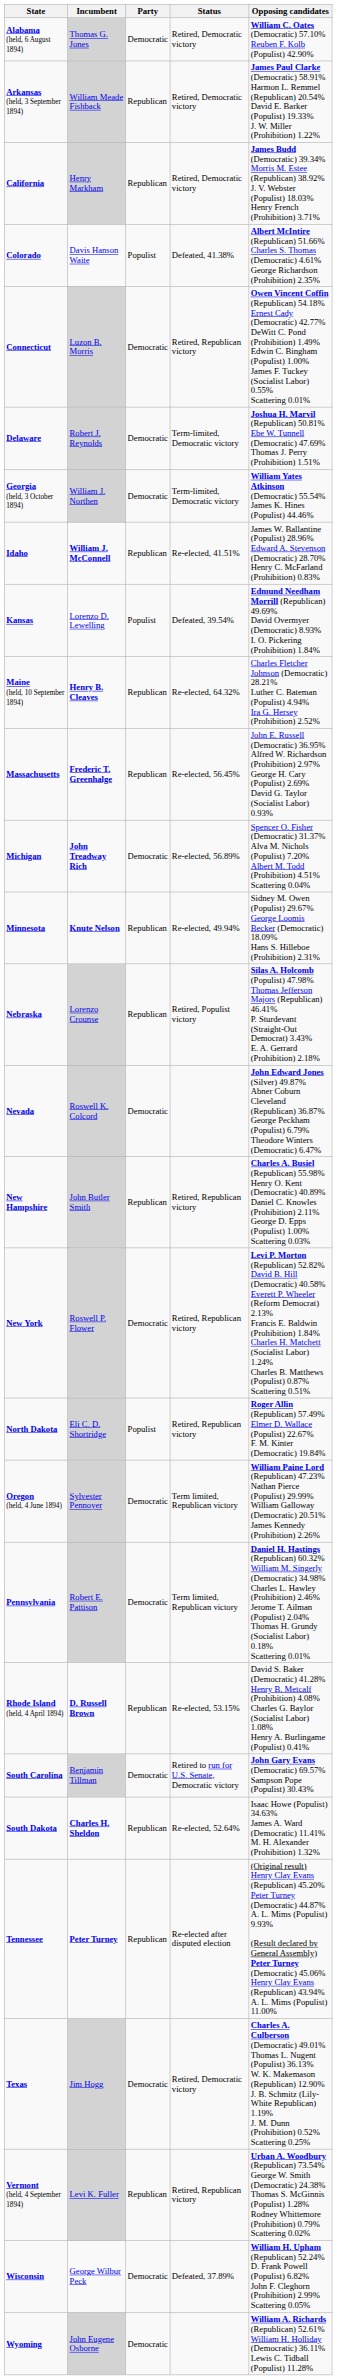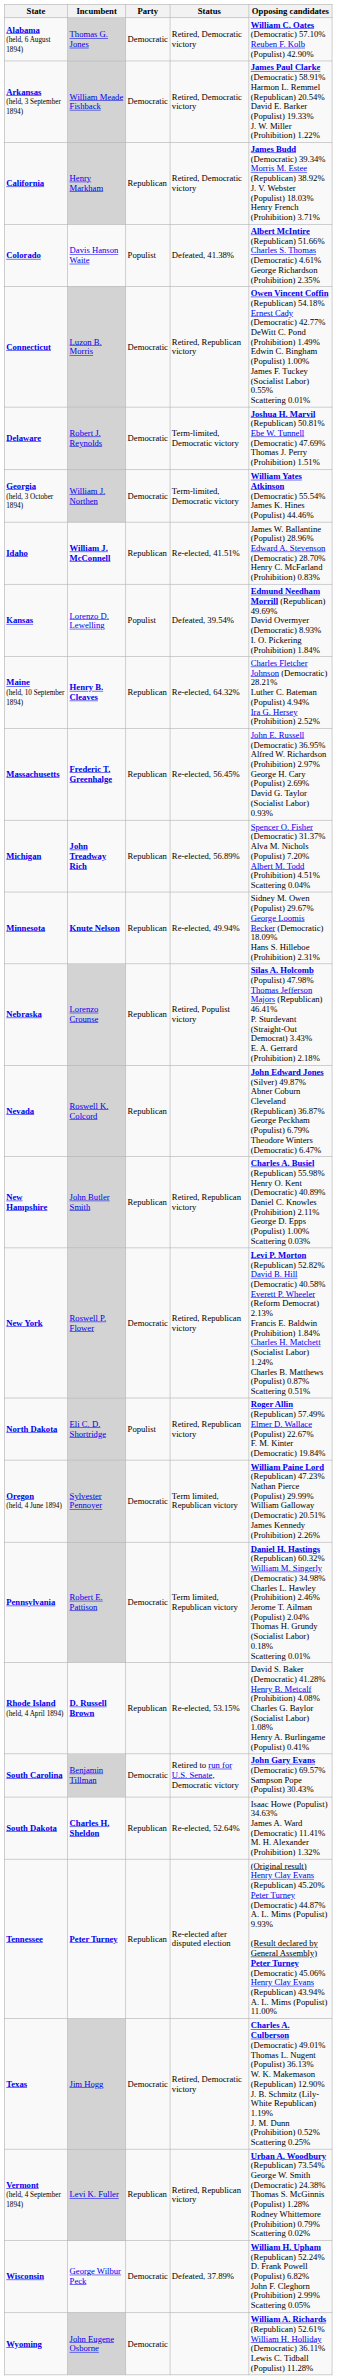 <table class="wikitable">
 <tr>
 <th>State</th>
 <th>Incumbent</th>
 <th>Party</th>
 <th>Status</th>
 <th>Opposing candidates</th>
 </tr>
 <tr>
 <td><strong><a href='#'>Alabama</a></strong><br><small>(held, 6 August 1894)</small></td>
 <td bgcolor="lightgrey"><a href='#'>Thomas G. Jones</a></td>
 <td>Democratic</td>
 <td>Retired, Democratic victory</td>
 <td><strong><a href='#'>William C. Oates</a></strong> (Democratic) 57.10%<br><a href='#'>Reuben F. Kolb</a> (Populist) 42.90%<br></td>
 </tr>
 <tr>
 <td><strong><a href='#'>Arkansas</a></strong><br><small>(held, 3 September 1894)</small></td>
 <td bgcolor="lightgrey"><a href='#'>William Meade Fishback</a></td>
-<td>Republican</td>
+<td>Democratic</td>
 <td>Retired, Democratic victory</td>
 <td><strong><a href='#'>James Paul Clarke</a></strong> (Democratic) 58.91%<br>Harmon L. Remmel (Republican) 20.54%<br>David E. Barker (Populist) 19.33%<br>J. W. Miller (Prohibition) 1.22%<br></td>
 </tr>
 <tr>
 <td><strong><a href='#'>California</a></strong></td>
 <td bgcolor="lightgrey"><a href='#'>Henry Markham</a></td>
 <td>Republican</td>
 <td>Retired, Democratic victory</td>
 <td><strong><a href='#'>James Budd</a></strong> (Democratic) 39.34%<br><a href='#'>Morris M. Estee</a> (Republican) 38.92%<br>J. V. Webster (Populist) 18.03%<br>Henry French (Prohibition) 3.71%<br></td>
 </tr>
 <tr>
 <td><strong><a href='#'>Colorado</a></strong></td>
 <td><a href='#'>Davis Hanson Waite</a></td>
 <td>Populist</td>
 <td>Defeated, 41.38%</td>
 <td><strong><a href='#'>Albert McIntire</a></strong> (Republican) 51.66%<br><a href='#'>Charles S. Thomas</a> (Democratic) 4.61%<br>George Richardson (Prohibition) 2.35%<br></td>
 </tr>
 <tr>
 <td><strong><a href='#'>Connecticut</a></strong></td>
 <td bgcolor="lightgrey"><a href='#'>Luzon B. Morris</a></td>
 <td>Democratic</td>
 <td>Retired, Republican victory</td>
 <td><strong><a href='#'>Owen Vincent Coffin</a></strong> (Republican) 54.18%<br><a href='#'>Ernest Cady</a> (Democratic) 42.77%<br>DeWitt C. Pond (Prohibition) 1.49%<br>Edwin C. Bingham (Populist) 1.00%<br>James F. Tuckey (Socialist Labor) 0.55%<br>Scattering 0.01%<br></td>
 </tr>
 <tr>
 <td><strong><a href='#'>Delaware</a></strong></td>
 <td bgcolor="lightgrey"><a href='#'>Robert J. Reynolds</a></td>
 <td>Democratic</td>
 <td>Term-limited, Democratic victory</td>
 <td><strong><a href='#'>Joshua H. Marvil</a></strong> (Republican) 50.81%<br><a href='#'>Ebe W. Tunnell</a> (Democratic) 47.69%<br>Thomas J. Perry (Prohibition) 1.51%<br></td>
 </tr>
 <tr>
 <td><strong><a href='#'>Georgia</a></strong><br><small>(held, 3 October 1894)</small></td>
 <td bgcolor="lightgrey"><a href='#'>William J. Northen</a></td>
 <td>Democratic</td>
 <td>Term-limited, Democratic victory</td>
 <td><strong><a href='#'>William Yates Atkinson</a></strong> (Democratic) 55.54%<br>James K. Hines (Populist) 44.46%<br></td>
 </tr>
 <tr>
 <td><strong><a href='#'>Idaho</a></strong></td>
 <td><strong><a href='#'>William J. McConnell</a></strong></td>
 <td>Republican</td>
 <td>Re-elected, 41.51%</td>
 <td>James W. Ballantine (Populist) 28.96%<br><a href='#'>Edward A. Stevenson</a> (Democratic) 28.70%<br>Henry C. McFarland (Prohibition) 0.83%<br></td>
 </tr>
 <tr>
 <td><strong><a href='#'>Kansas</a></strong></td>
 <td><a href='#'>Lorenzo D. Lewelling</a></td>
 <td>Populist</td>
 <td>Defeated, 39.54%</td>
 <td><strong><a href='#'>Edmund Needham Morrill</a></strong> (Republican) 49.69%<br>David Overmyer (Democratic) 8.93%<br>I. O. Pickering (Prohibition) 1.84%<br></td>
 </tr>
 <tr>
 <td><strong><a href='#'>Maine</a></strong><br><small>(held, 10 September 1894)</small></td>
 <td><strong><a href='#'>Henry B. Cleaves</a></strong></td>
 <td>Republican</td>
 <td>Re-elected, 64.32%</td>
 <td><a href='#'>Charles Fletcher Johnson</a> (Democratic) 28.21%<br>Luther C. Bateman (Populist) 4.94%<br><a href='#'>Ira G. Hersey</a> (Prohibition) 2.52%<br></td>
 </tr>
 <tr>
 <td><strong><a href='#'>Massachusetts</a></strong></td>
 <td><strong><a href='#'>Frederic T. Greenhalge</a></strong></td>
 <td>Republican</td>
 <td>Re-elected, 56.45%</td>
 <td><a href='#'>John E. Russell</a> (Democratic) 36.95%<br>Alfred W. Richardson (Prohibition) 2.97%<br>George H. Cary (Populist) 2.69%<br>David G. Taylor (Socialist Labor) 0.93%<br></td>
 </tr>
 <tr>
 <td><strong><a href='#'>Michigan</a></strong></td>
 <td><strong><a href='#'>John Treadway Rich</a></strong></td>
-<td>Democratic</td>
+<td>Republican</td>
 <td>Re-elected, 56.89%</td>
 <td><a href='#'>Spencer O. Fisher</a> (Democratic) 31.37%<br>Alva M. Nichols (Populist) 7.20%<br><a href='#'>Albert M. Todd</a> (Prohibition) 4.51%<br>Scattering 0.04%<br></td>
 </tr>
 <tr>
 <td><strong><a href='#'>Minnesota</a></strong></td>
 <td><strong><a href='#'>Knute Nelson</a></strong></td>
 <td>Republican</td>
 <td>Re-elected, 49.94%</td>
 <td>Sidney M. Owen (Populist) 29.67%<br><a href='#'>George Loomis Becker</a> (Democratic) 18.09%<br>Hans S. Hilleboe (Prohibition) 2.31%<br></td>
 </tr>
 <tr>
 <td><strong><a href='#'>Nebraska</a></strong></td>
 <td bgcolor="lightgrey"><a href='#'>Lorenzo Crounse</a></td>
 <td>Republican</td>
 <td>Retired, Populist victory</td>
 <td><strong><a href='#'>Silas A. Holcomb</a></strong> (Populist) 47.98%<br><a href='#'>Thomas Jefferson Majors</a> (Republican) 46.41%<br>P. Sturdevant (Straight-Out Democrat) 3.43%<br>E. A. Gerrard (Prohibition) 2.18%<br></td>
 </tr>
 <tr>
 <td><strong><a href='#'>Nevada</a></strong></td>
 <td bgcolor="lightgrey"><a href='#'>Roswell K. Colcord</a></td>
-<td>Democratic</td>
+<td>Republican</td>
 <td></td>
 <td><strong><a href='#'>John Edward Jones</a></strong> (Silver) 49.87%<br>Abner Coburn Cleveland (Republican) 36.87%<br>George Peckham (Populist) 6.79%<br>Theodore Winters (Democratic) 6.47%<br></td>
 </tr>
 <tr>
 <td><strong><a href='#'>New Hampshire</a></strong></td>
 <td bgcolor="lightgrey"><a href='#'>John Butler Smith</a></td>
 <td>Republican</td>
 <td>Retired, Republican victory</td>
 <td><strong><a href='#'>Charles A. Busiel</a></strong> (Republican) 55.98%<br>Henry O. Kent (Democratic) 40.89%<br>Daniel C. Knowles (Prohibition) 2.11%<br>George D. Epps (Populist) 1.00%<br>Scattering 0.03%<br></td>
 </tr>
 <tr>
 <td><strong><a href='#'>New York</a></strong></td>
 <td bgcolor="lightgrey"><a href='#'>Roswell P. Flower</a></td>
 <td>Democratic</td>
 <td>Retired, Republican victory</td>
 <td><strong><a href='#'>Levi P. Morton</a></strong> (Republican) 52.82%<br><a href='#'>David B. Hill</a> (Democratic) 40.58%<br><a href='#'>Everett P. Wheeler</a> (Reform Democrat) 2.13%<br>Francis E. Baldwin (Prohibition) 1.84%<br><a href='#'>Charles H. Matchett</a> (Socialist Labor) 1.24%<br>Charles B. Matthews (Populist) 0.87%<br>Scattering 0.51%<br></td>
 </tr>
 <tr>
 <td><strong><a href='#'>North Dakota</a></strong></td>
 <td bgcolor="lightgrey"><a href='#'>Eli C. D. Shortridge</a></td>
 <td>Populist</td>
 <td>Retired, Republican victory</td>
 <td><strong><a href='#'>Roger Allin</a></strong> (Republican) 57.49%<br><a href='#'>Elmer D. Wallace</a> (Populist) 22.67%<br>F. M. Kinter (Democratic) 19.84%</td>
 </tr>
 <tr>
 <td><strong><a href='#'>Oregon</a></strong><br><small>(held, 4 June 1894)</small></td>
 <td bgcolor="lightgrey"><a href='#'>Sylvester Pennoyer</a></td>
 <td>Democratic</td>
 <td>Term limited, Republican victory</td>
 <td><strong><a href='#'>William Paine Lord</a></strong> (Republican) 47.23%<br>Nathan Pierce (Populist) 29.99%<br>William Galloway (Democratic) 20.51%<br>James Kennedy (Prohibition) 2.26%<br></td>
 </tr>
 <tr>
 <td><strong><a href='#'>Pennsylvania</a></strong></td>
 <td bgcolor="lightgrey"><a href='#'>Robert E. Pattison</a></td>
 <td>Democratic</td>
 <td>Term limited, Republican victory</td>
 <td><strong><a href='#'>Daniel H. Hastings</a></strong> (Republican) 60.32%<br><a href='#'>William M. Singerly</a> (Democratic) 34.98%<br>Charles L. Hawley (Prohibition) 2.46%<br>Jerome T. Ailman (Populist) 2.04%<br>Thomas H. Grundy (Socialist Labor) 0.18%<br>Scattering 0.01%<br></td>
 </tr>
 <tr>
 <td><strong><a href='#'>Rhode Island</a></strong><br><small>(held, 4 April 1894)</small></td>
 <td><strong><a href='#'>D. Russell Brown</a></strong></td>
 <td>Republican</td>
 <td>Re-elected, 53.15%</td>
 <td>David S. Baker (Democratic) 41.28%<br><a href='#'>Henry B. Metcalf</a> (Prohibition) 4.08%<br>Charles G. Baylor (Socialist Labor) 1.08%<br>Henry A. Burlingame (Populist) 0.41%<br></td>
 </tr>
 <tr>
 <td><strong><a href='#'>South Carolina</a></strong></td>
 <td bgcolor="lightgrey"><a href='#'>Benjamin Tillman</a></td>
 <td>Democratic</td>
 <td>Retired to <a href='#'>run for U.S. Senate</a>, Democratic victory</td>
 <td><strong><a href='#'>John Gary Evans</a></strong> (Democratic) 69.57%<br>Sampson Pope (Populist) 30.43%<br></td>
 </tr>
 <tr>
 <td><strong><a href='#'>South Dakota</a></strong></td>
 <td><strong><a href='#'>Charles H. Sheldon</a></strong></td>
 <td>Republican</td>
 <td>Re-elected, 52.64%</td>
 <td>Isaac Howe (Populist) 34.63%<br>James A. Ward (Democratic) 11.41%<br>M. H. Alexander (Prohibition) 1.32%<br></td>
 </tr>
 <tr>
 <td><strong><a href='#'>Tennessee</a></strong></td>
 <td><strong><a href='#'>Peter Turney</a></strong></td>
 <td>Republican</td>
 <td>Re-elected after disputed election</td>
 <td><u>(Original result)</u><br><a href='#'>Henry Clay Evans</a> (Republican) 45.20%<br><a href='#'>Peter Turney</a> (Democratic) 44.87%<br>A. L. Mims (Populist) 9.93%<br><br><u>(Result declared by General Assembly)</u><br><strong><a href='#'>Peter Turney</a></strong> (Democratic) 45.06%<br><a href='#'>Henry Clay Evans</a> (Republican) 43.94%<br>A. L. Mims (Populist) 11.00%<br></td>
 </tr>
 <tr>
 <td><strong><a href='#'>Texas</a></strong></td>
 <td bgcolor="lightgrey"><a href='#'>Jim Hogg</a></td>
 <td>Democratic</td>
 <td>Retired, Democratic victory</td>
 <td><strong><a href='#'>Charles A. Culberson</a></strong> (Democratic) 49.01%<br>Thomas L. Nugent (Populist) 36.13%<br>W. K. Makemason (Republican) 12.90%<br>J. B. Schmitz (Lily-White Republican) 1.19%<br>J. M. Dunn (Prohibition) 0.52%<br>Scattering 0.25%<br></td>
 </tr>
 <tr>
 <td><strong><a href='#'>Vermont</a></strong><br><small>(held, 4 September 1894)</small></td>
 <td bgcolor="lightgrey"><a href='#'>Levi K. Fuller</a></td>
 <td>Republican</td>
 <td>Retired, Republican victory</td>
 <td><strong><a href='#'>Urban A. Woodbury</a></strong> (Republican) 73.54%<br>George W. Smith (Democratic) 24.38%<br>Thomas S. McGinnis (Populist) 1.28%<br>Rodney Whittemore (Prohibition) 0.79%<br>Scattering 0.02%<br></td>
 </tr>
 <tr>
 <td><strong><a href='#'>Wisconsin</a></strong></td>
 <td><a href='#'>George Wilbur Peck</a></td>
 <td>Democratic</td>
 <td>Defeated, 37.89%</td>
 <td><strong><a href='#'>William H. Upham</a></strong> (Republican) 52.24%<br>D. Frank Powell (Populist) 6.82%<br>John F. Cleghorn (Prohibition) 2.99%<br>Scattering 0.05%<br></td>
 </tr>
 <tr>
 <td><strong><a href='#'>Wyoming</a></strong></td>
 <td bgcolor="lightgrey"><a href='#'>John Eugene Osborne</a></td>
 <td>Democratic</td>
 <td></td>
 <td><strong><a href='#'>William A. Richards</a></strong> (Republican) 52.61%<br><a href='#'>William H. Holliday</a> (Democratic) 36.11%<br>Lewis C. Tidball (Populist) 11.28%<br></td>
 </tr>
 </table>
